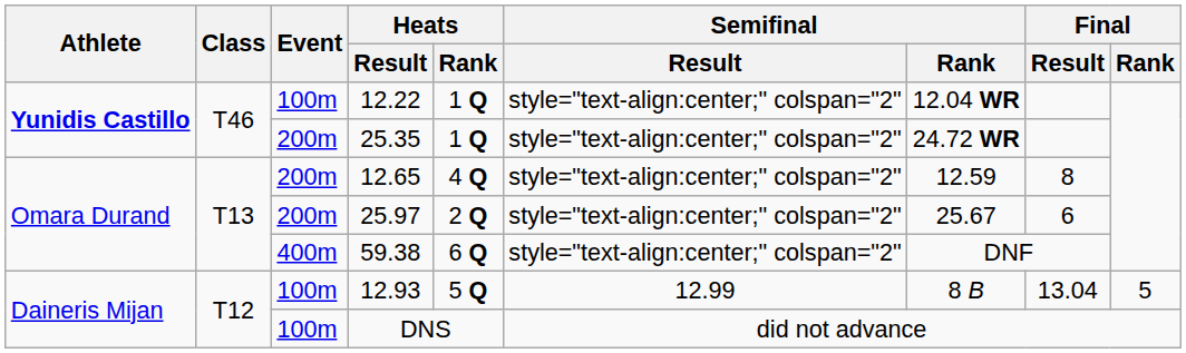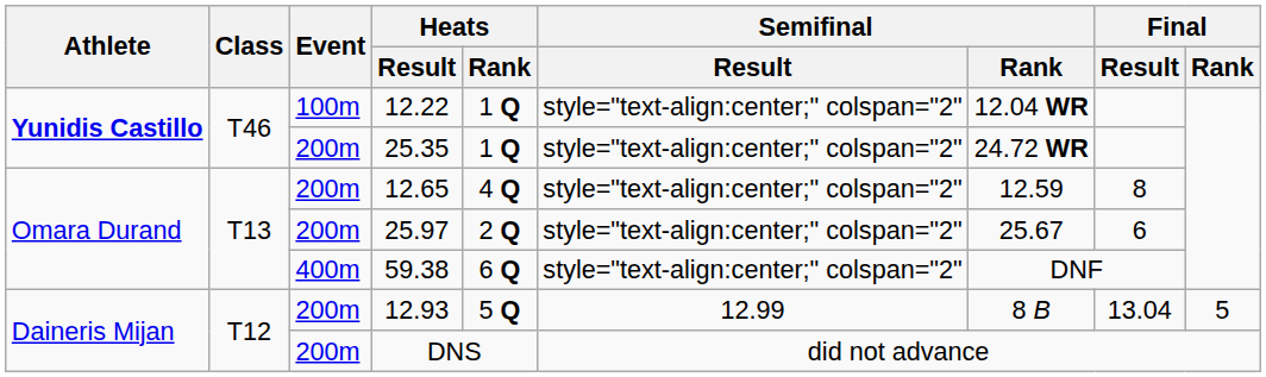 <table class=wikitable style="font-size:90%">
 <tr>
 <th rowspan="2">Athlete</th>
 <th rowspan="2">Class</th>
 <th rowspan="2">Event</th>
 <th colspan="2">Heats</th>
 <th colspan="2">Semifinal</th>
 <th colspan="2">Final</th>
 </tr>
 <tr>
 <th>Result</th>
 <th>Rank</th>
 <th>Result</th>
 <th>Rank</th>
 <th>Result</th>
 <th>Rank</th>
 </tr>
 <tr>
 <td rowspan="2"><strong><a href='#'>Yunidis Castillo</a></strong></td>
 <td rowspan="2" style="text-align:center;">T46</td>
 <td><a href='#'>100m</a></td>
 <td style="text-align:center;">12.22</td>
 <td style="text-align:center;">1 <strong>Q</strong></td>
 <td>style="text-align:center;" colspan="2" </td>
 <td style="text-align:center;">12.04 <strong>WR</strong></td>
 <td style="text-align:center;"></td>
 </tr>
 <tr>
 <td><a href='#'>200m</a></td>
 <td style="text-align:center;">25.35</td>
 <td style="text-align:center;">1 <strong>Q</strong></td>
 <td>style="text-align:center;" colspan="2" </td>
 <td style="text-align:center;">24.72 <strong>WR</strong></td>
 <td style="text-align:center;"></td>
 </tr>
 <tr>
 <td rowspan="3"><a href='#'>Omara Durand</a></td>
 <td rowspan="3" style="text-align:center;">T13</td>
 <td><a href='#'>200m</a></td>
 <td style="text-align:center;">12.65</td>
 <td style="text-align:center;">4 <strong>Q</strong></td>
 <td>style="text-align:center;" colspan="2" </td>
 <td style="text-align:center;">12.59</td>
 <td style="text-align:center;">8</td>
 </tr>
 <tr>
 <td><a href='#'>200m</a></td>
 <td style="text-align:center;">25.97</td>
 <td style="text-align:center;">2 <strong>Q</strong></td>
 <td>style="text-align:center;" colspan="2" </td>
 <td style="text-align:center;">25.67</td>
 <td style="text-align:center;">6</td>
 </tr>
 <tr>
 <td><a href='#'>400m</a></td>
 <td style="text-align:center;">59.38</td>
 <td style="text-align:center;">6 <strong>Q</strong></td>
 <td>style="text-align:center;" colspan="2" </td>
 <td style="text-align:center;" colspan="2">DNF</td>
 </tr>
 <tr>
 <td rowspan="2"><a href='#'>Daineris Mijan</a></td>
 <td rowspan="2" style="text-align:center;">T12</td>
-<td><a href='#'>100m</a></td>
+<td><a href='#'>200m</a></td>
 <td style="text-align:center;">12.93</td>
 <td style="text-align:center;">5 <strong>Q</strong></td>
 <td style="text-align:center;">12.99</td>
 <td style="text-align:center;">8 <em>B</em></td>
 <td style="text-align:center;">13.04</td>
 <td style="text-align:center;">5</td>
 </tr>
 <tr>
-<td><a href='#'>100m</a></td>
+<td><a href='#'>200m</a></td>
 <td style="text-align:center;" colspan="2">DNS</td>
 <td style="text-align:center;" colspan="4">did not advance</td>
 </tr>
 </table>
